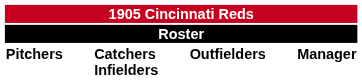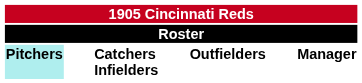 <table class="toccolours" style="font-size: 95%;">
 <tr>
 <th colspan="10" style="background-color: #c6011f; color: white; text-align: center;">1905 Cincinnati Reds</th>
 </tr>
 <tr>
 <td colspan="10" style="background-color: black; color: white; text-align: center;"><strong>Roster</strong></td>
 </tr>
 <tr>
-<td valign="top"><strong>Pitchers</strong><br>        </td>
+<td valign="top" style="background: paleturquoise;"><strong>Pitchers</strong><br>        </td>
 <td width="25px"></td>
 <td valign="top"><strong>Catchers</strong><br>   <strong>Infielders</strong>        </td>
 <td width="25px"></td>
 <td valign="top"><strong>Outfielders</strong><br>     </td>
 <td width="25px"></td>
 <td valign="top"><strong>Manager</strong><br></td>
 </tr>
 </table>
